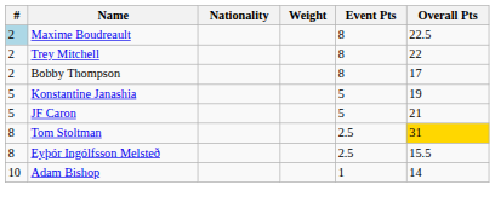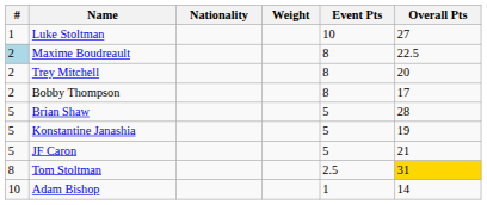 <table class="wikitable sortable" style="display: inline-table;width: 100%;">
 <tr>
 <th>#</th>
 <th>Name</th>
 <th>Nationality</th>
 <th>Weight</th>
 <th>Event Pts</th>
 <th>Overall Pts</th>
+</tr>
+<tr>
+<td>1</td>
+<td><a href='#'>Luke Stoltman</a></td>
+<td></td>
+<td></td>
+<td>10</td>
+<td>27</td>
 </tr>
 <tr>
 <td style="background: lightblue;">2</td>
 <td><a href='#'>Maxime Boudreault</a></td>
 <td></td>
 <td></td>
 <td>8</td>
 <td>22.5</td>
 </tr>
 <tr>
 <td>2</td>
 <td><a href='#'>Trey Mitchell</a></td>
 <td></td>
 <td></td>
 <td>8</td>
-<td>22</td>
+<td>20</td>
 </tr>
 <tr>
 <td>2</td>
 <td>Bobby Thompson</td>
 <td></td>
 <td></td>
 <td>8</td>
 <td>17</td>
+</tr>
+<tr>
+<td>5</td>
+<td><a href='#'>Brian Shaw</a></td>
+<td></td>
+<td></td>
+<td>5</td>
+<td>28</td>
 </tr>
 <tr>
 <td>5</td>
 <td><a href='#'>Konstantine Janashia</a></td>
 <td></td>
 <td></td>
 <td>5</td>
 <td>19</td>
 </tr>
 <tr>
 <td>5</td>
 <td><a href='#'>JF Caron</a></td>
 <td></td>
 <td></td>
 <td>5</td>
 <td>21</td>
 </tr>
 <tr>
 <td>8</td>
 <td><a href='#'>Tom Stoltman</a></td>
 <td></td>
 <td></td>
 <td>2.5</td>
 <td style="background: gold;">31</td>
 </tr>
 <tr>
-<td>8</td>
-<td><a href='#'>Eyþór Ingólfsson Melsteð</a></td>
-<td></td>
-<td></td>
-<td>2.5</td>
-<td>15.5</td>
-</tr>
-<tr>
 <td>10</td>
 <td><a href='#'>Adam Bishop</a></td>
 <td></td>
 <td></td>
 <td>1</td>
 <td>14</td>
 </tr>
 </table>
